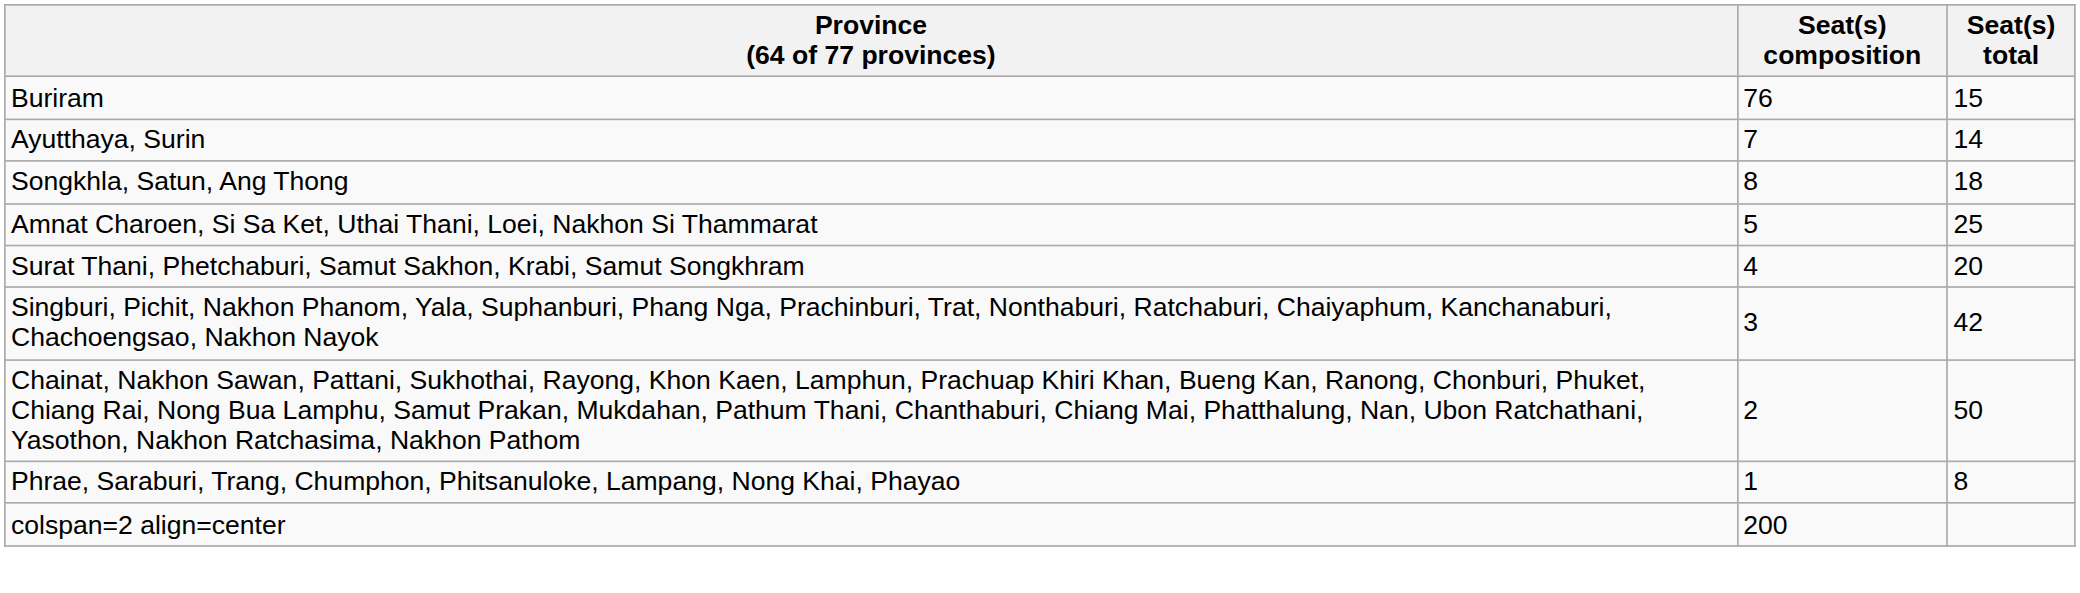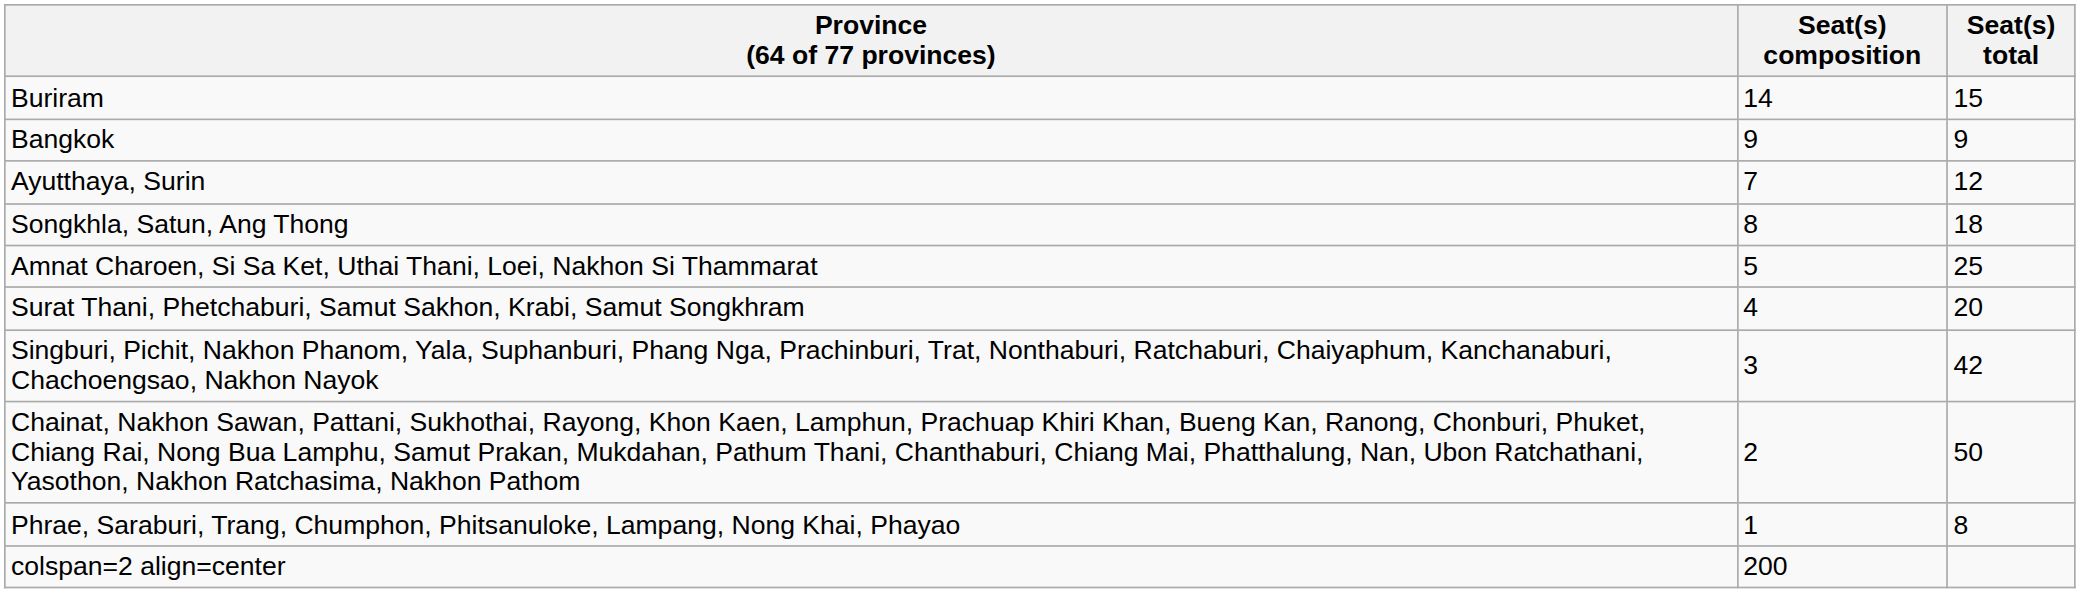 <table class="wikitable sortable" style="text-align:left">
 <tr>
 <th>Province<br>(64 of 77 provinces)</th>
 <th>Seat(s) composition</th>
 <th>Seat(s) total</th>
 </tr>
 <tr>
 <td>Buriram</td>
-<td>76</td>
+<td>14</td>
 <td>15</td>
+</tr>
+<tr>
+<td>Bangkok</td>
+<td>9</td>
+<td>9</td>
 </tr>
 <tr>
 <td>Ayutthaya, Surin</td>
 <td>7</td>
-<td>14</td>
+<td>12</td>
 </tr>
 <tr>
 <td>Songkhla, Satun, Ang Thong</td>
 <td>8</td>
 <td>18</td>
 </tr>
 <tr>
 <td>Amnat Charoen, Si Sa Ket, Uthai Thani, Loei, Nakhon Si Thammarat</td>
 <td>5</td>
 <td>25</td>
 </tr>
 <tr>
 <td>Surat Thani, Phetchaburi, Samut Sakhon, Krabi, Samut Songkhram</td>
 <td>4</td>
 <td>20</td>
 </tr>
 <tr>
 <td>Singburi, Pichit, Nakhon Phanom, Yala, Suphanburi, Phang Nga, Prachinburi, Trat, Nonthaburi, Ratchaburi, Chaiyaphum, Kanchanaburi, Chachoengsao, Nakhon Nayok</td>
 <td>3</td>
 <td>42</td>
 </tr>
 <tr>
 <td>Chainat, Nakhon Sawan, Pattani, Sukhothai, Rayong, Khon Kaen, Lamphun, Prachuap Khiri Khan, Bueng Kan, Ranong, Chonburi, Phuket, Chiang Rai, Nong Bua Lamphu, Samut Prakan, Mukdahan, Pathum Thani, Chanthaburi, Chiang Mai, Phatthalung, Nan, Ubon Ratchathani, Yasothon, Nakhon Ratchasima, Nakhon Pathom</td>
 <td>2</td>
 <td>50</td>
 </tr>
 <tr>
 <td>Phrae, Saraburi, Trang, Chumphon, Phitsanuloke, Lampang, Nong Khai, Phayao</td>
 <td>1</td>
 <td>8</td>
 </tr>
 <tr>
 <td>colspan=2 align=center </td>
 <td>200</td>
 </tr>
 </table>
